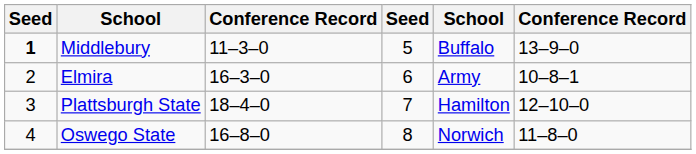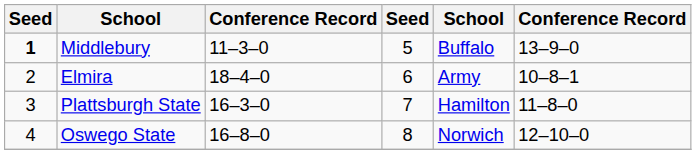 <table class="wikitable">
 <tr>
 <th>Seed</th>
 <th>School</th>
 <th>Conference Record</th>
 <th>Seed</th>
 <th>School</th>
 <th>Conference Record</th>
 </tr>
 <tr>
 <td align=center><strong>1</strong></td>
 <td><a href='#'>Middlebury</a></td>
 <td>11–3–0</td>
 <td align=center>5</td>
 <td><a href='#'>Buffalo</a></td>
 <td>13–9–0</td>
 </tr>
 <tr>
 <td align=center>2</td>
 <td><a href='#'>Elmira</a></td>
-<td>16–3–0</td>
+<td>18–4–0</td>
 <td align=center>6</td>
 <td><a href='#'>Army</a></td>
 <td>10–8–1</td>
 </tr>
 <tr>
 <td align=center>3</td>
 <td><a href='#'>Plattsburgh State</a></td>
-<td>18–4–0</td>
+<td>16–3–0</td>
 <td align=center>7</td>
 <td><a href='#'>Hamilton</a></td>
-<td>12–10–0</td>
+<td>11–8–0</td>
 </tr>
 <tr>
 <td align=center>4</td>
 <td><a href='#'>Oswego State</a></td>
 <td>16–8–0</td>
 <td align=center>8</td>
 <td><a href='#'>Norwich</a></td>
-<td>11–8–0</td>
+<td>12–10–0</td>
 </tr>
 <tr>
 </tr>
 </table>
